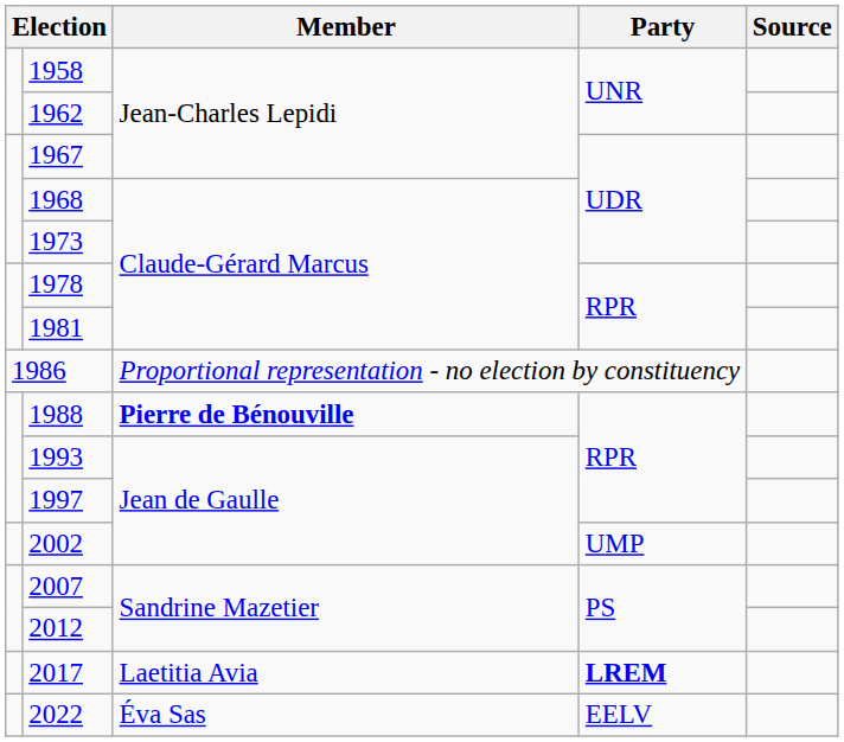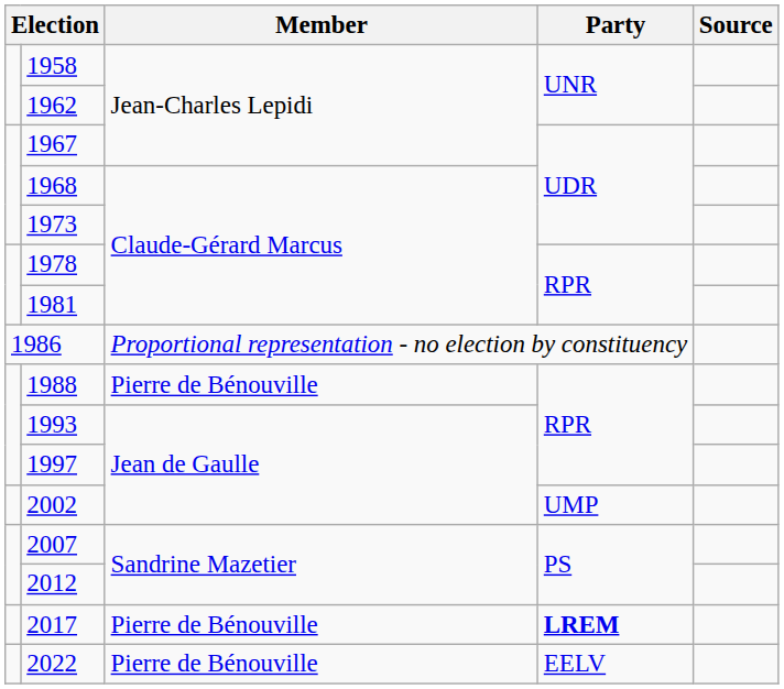 <table class="wikitable">
 <tr>
 <th colspan="2">Election</th>
 <th>Member</th>
 <th>Party</th>
 <th>Source</th>
 </tr>
 <tr>
 <td rowspan="2" style="color:inherit;background-color: "></td>
 <td><a href='#'>1958</a></td>
 <td rowspan="3">Jean-Charles Lepidi</td>
 <td rowspan="2"><a href='#'>UNR</a></td>
 <td></td>
 </tr>
 <tr>
 <td><a href='#'>1962</a></td>
 <td></td>
 </tr>
 <tr>
 <td rowspan="3" style="color:inherit;background-color: "></td>
 <td><a href='#'>1967</a></td>
 <td rowspan="3"><a href='#'>UDR</a></td>
 <td></td>
 </tr>
 <tr>
 <td><a href='#'>1968</a></td>
 <td rowspan="4"><a href='#'>Claude-Gérard Marcus</a></td>
 <td></td>
 </tr>
 <tr>
 <td><a href='#'>1973</a></td>
 <td></td>
 </tr>
 <tr>
 <td rowspan="2" style="color:inherit;background-color: "></td>
 <td><a href='#'>1978</a></td>
 <td rowspan="2"><a href='#'>RPR</a></td>
 <td></td>
 </tr>
 <tr>
 <td><a href='#'>1981</a></td>
 <td></td>
 </tr>
 <tr>
 <td colspan="2"><a href='#'>1986</a></td>
 <td colspan="2"><em><a href='#'>Proportional representation</a> - no election by constituency</em></td>
 <td></td>
 </tr>
 <tr>
 <td rowspan="3" style="color:inherit;background-color: "></td>
 <td><a href='#'>1988</a></td>
-<td><strong><a href='#'>Pierre de Bénouville</a></strong></td>
+<td><a href='#'>Pierre de Bénouville</a></td>
 <td rowspan="3"><a href='#'>RPR</a></td>
 <td></td>
 </tr>
 <tr>
 <td><a href='#'>1993</a></td>
 <td rowspan="3"><a href='#'>Jean de Gaulle</a></td>
 <td></td>
 </tr>
 <tr>
 <td><a href='#'>1997</a></td>
 <td></td>
 </tr>
 <tr>
 <td style="color:inherit;background-color: "></td>
 <td><a href='#'>2002</a></td>
 <td><a href='#'>UMP</a></td>
 <td></td>
 </tr>
 <tr>
 <td rowspan=2 style="color:inherit;background-color: "></td>
 <td><a href='#'>2007</a></td>
 <td rowspan=2><a href='#'>Sandrine Mazetier</a></td>
 <td rowspan=2><a href='#'>PS</a></td>
 <td></td>
 </tr>
 <tr>
 <td><a href='#'>2012</a></td>
 <td></td>
 </tr>
 <tr>
 <td style="color:inherit;background:"></td>
 <td><a href='#'>2017</a></td>
-<td><a href='#'>Laetitia Avia</a></td>
+<td><a href='#'>Pierre de Bénouville</a></td>
 <td><strong><a href='#'>LREM</a></strong></td>
 <td></td>
 </tr>
 <tr>
 <td style="color:inherit;background-color: "></td>
 <td><a href='#'>2022</a></td>
-<td><a href='#'>Éva Sas</a></td>
+<td><a href='#'>Pierre de Bénouville</a></td>
 <td><a href='#'>EELV</a></td>
 <td></td>
 </tr>
 </table>
